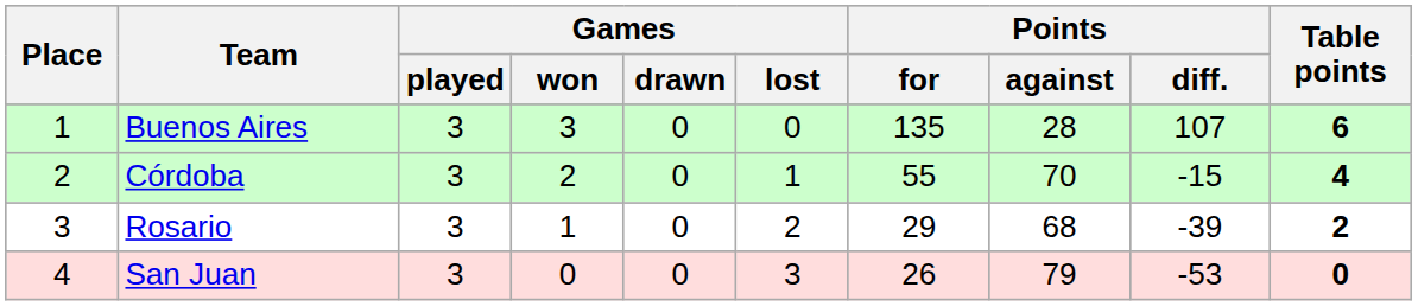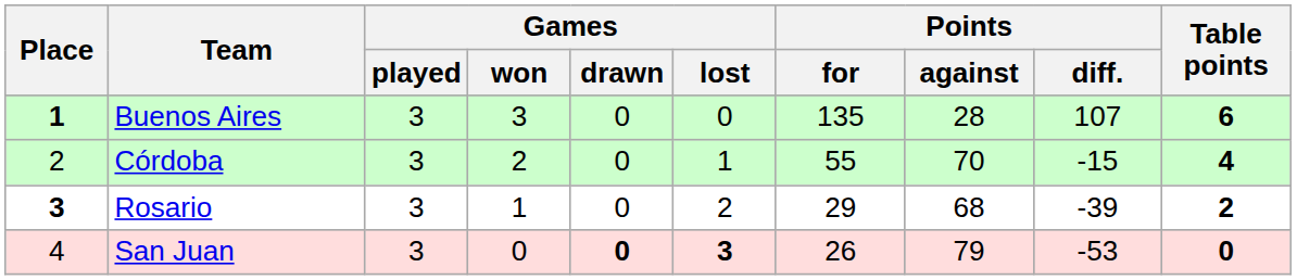 <table class="wikitable">
 <tr>
 <th rowspan=2 width="8%">Place</th>
 <th rowspan=2 width="20%">Team</th>
 <th colspan=4 width="32%">Games</th>
 <th colspan=3 width="30%">Points</th>
 <th rowspan=2 width="10%">Table<br>points</th>
 </tr>
 <tr>
 <th width="8%">played</th>
 <th width="8%">won</th>
 <th width="8%">drawn</th>
 <th width="8%">lost</th>
 <th width="10%">for</th>
 <th width="10%">against</th>
 <th width="10%">diff.</th>
 </tr>
 <tr align=center style="background: #ccffcc;">
-<td>1</td>
+<td><strong>1</strong></td>
 <td align=left><a href='#'>Buenos Aires</a></td>
 <td>3</td>
 <td>3</td>
 <td>0</td>
 <td>0</td>
 <td>135</td>
 <td>28</td>
 <td>107</td>
 <td><strong>6</strong></td>
 </tr>
 <tr align=center style="background: #ccffcc;">
 <td>2</td>
 <td align=left><a href='#'>Córdoba</a></td>
 <td>3</td>
 <td>2</td>
 <td>0</td>
 <td>1</td>
 <td>55</td>
 <td>70</td>
 <td>-15</td>
 <td><strong>4</strong></td>
 </tr>
 <tr align=center style="background: #ffffff;">
-<td>3</td>
+<td><strong>3</strong></td>
 <td align=left><a href='#'>Rosario</a></td>
 <td>3</td>
 <td>1</td>
 <td>0</td>
 <td>2</td>
 <td>29</td>
 <td>68</td>
 <td>-39</td>
 <td><strong>2</strong></td>
 </tr>
 <tr align=center style="background: #ffdddd;">
 <td>4</td>
 <td align=left><a href='#'>San Juan</a></td>
 <td>3</td>
 <td>0</td>
-<td>0</td>
-<td>3</td>
+<td><strong>0</strong></td>
+<td><strong>3</strong></td>
 <td>26</td>
 <td>79</td>
 <td>-53</td>
 <td><strong>0</strong></td>
 </tr>
 </table>
